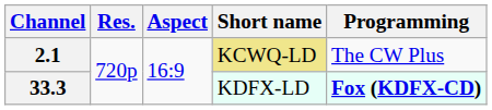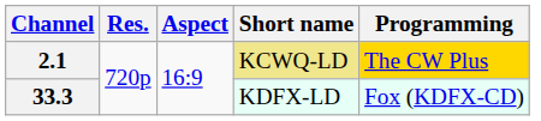 <table class="wikitable">
 <tr>
 <th scope = "col"><a href='#'>Channel</a></th>
 <th scope = "col"><a href='#'>Res.</a></th>
 <th scope = "col"><a href='#'>Aspect</a></th>
 <th scope = "col">Short name</th>
 <th scope = "col">Programming</th>
 </tr>
 <tr>
 <th scope = "row">2.1</th>
 <td rowspan=2><a href='#'>720p</a></td>
 <td rowspan=2><a href='#'>16:9</a></td>
 <td style="background: khaki;">KCWQ-LD</td>
-<td><a href='#'>The CW Plus</a></td>
+<td style="background: gold;"><a href='#'>The CW Plus</a></td>
 </tr>
 <tr>
 <th scope = "row">33.3</th>
 <td style="background-color: #E6FFF7;">KDFX-LD</td>
-<td style="background-color: #E6FFF7;"><strong><a href='#'>Fox</a> (<a href='#'>KDFX-CD</a>)</strong></td>
+<td style="background-color: #E6FFF7;"><a href='#'>Fox</a> (<a href='#'>KDFX-CD</a>)</td>
 </tr>
 </table>
